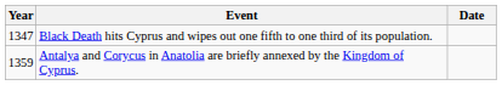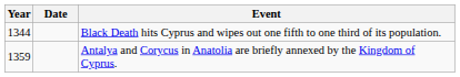 <table class="wikitable" width="100%">
 <tr>
 <th style="width:6%">Year</th>
+<th style="width:10%">Date</th>
 <th>Event</th>
-<th style="width:10%">Date</th>
 </tr>
 <tr>
-<td>1347</td>
+<td>1344</td>
+<td></td>
 <td><a href='#'>Black Death</a> hits Cyprus and wipes out one fifth to one third of its population.</td>
-<td></td>
 </tr>
 <tr>
 <td>1359</td>
+<td></td>
 <td><a href='#'>Antalya</a> and <a href='#'>Corycus</a> in <a href='#'>Anatolia</a> are briefly annexed by the <a href='#'>Kingdom of Cyprus</a>.</td>
-<td></td>
 </tr>
 </table>
